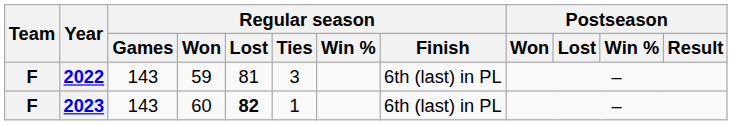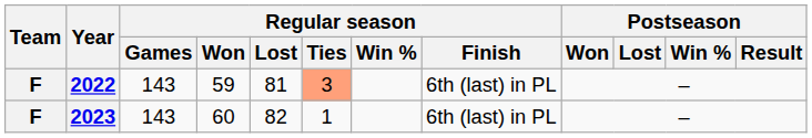 <table class="wikitable" style="font-size: 95%; text-align:center;">
 <tr>
 <th rowspan="2">Team</th>
 <th rowspan="2">Year</th>
 <th colspan="6">Regular season</th>
 <th colspan="4">Postseason</th>
 </tr>
 <tr>
 <th>Games</th>
 <th>Won</th>
 <th>Lost</th>
 <th>Ties</th>
 <th>Win %</th>
 <th>Finish</th>
 <th>Won</th>
 <th>Lost</th>
 <th>Win %</th>
 <th>Result</th>
 </tr>
 <tr>
 <th>F</th>
 <th><a href='#'>2022</a></th>
 <td>143</td>
 <td>59</td>
 <td>81</td>
-<td>3</td>
+<td style="background: lightsalmon;">3</td>
 <td></td>
 <td>6th (last) in PL</td>
 <td colspan="4">–</td>
 </tr>
 <tr>
 <th>F</th>
 <th><a href='#'>2023</a></th>
 <td>143</td>
 <td>60</td>
-<td><strong>82</strong></td>
+<td>82</td>
 <td>1</td>
 <td></td>
 <td>6th (last) in PL</td>
 <td colspan="4">–</td>
 </tr>
 </table>
